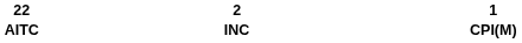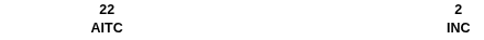 <table style="width:65%; text-align:center;">
 <tr>
 <td style="background:"><strong>22</strong></td>
 <td style="background:"><strong>2</strong></td>
-<td style="background:"><strong>1</strong></td>
 </tr>
 <tr>
 <td><span><strong>AITC</strong></span></td>
 <td><span><strong>INC</strong></span></td>
-<td><span><strong>CPI(M)</strong></span></td>
 </tr>
 </table>
